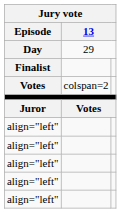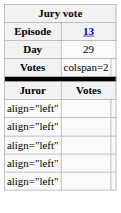 <table class="wikitable nowrap" style="text-align:center; font-size:95%">
 <tr>
 <th colspan=3>Jury vote</th>
 </tr>
 <tr>
 <th>Episode</th>
 <th colspan=2><a href='#'>13</a></th>
 </tr>
 <tr>
 <th>Day</th>
 <td colspan=2>29</td>
-</tr>
-<tr>
-<th>Finalist</th>
-<td></td>
-<td></td>
 </tr>
 <tr>
 <th>Votes</th>
 <td>colspan=2 </td>
 </tr>
 <tr>
 <td colspan="3" bgcolor="black"></td>
 </tr>
 <tr>
 <th>Juror</th>
 <th colspan=2>Votes</th>
 </tr>
 <tr>
 <td>align="left" </td>
 <td></td>
 <td></td>
 </tr>
 <tr>
 <td>align="left" </td>
 <td></td>
 <td></td>
 </tr>
 <tr>
 <td>align="left" </td>
 <td></td>
 <td></td>
 </tr>
 <tr>
 <td>align="left" </td>
 <td></td>
 <td></td>
 </tr>
 <tr>
 <td>align="left" </td>
 <td></td>
 <td></td>
 </tr>
 </table>
